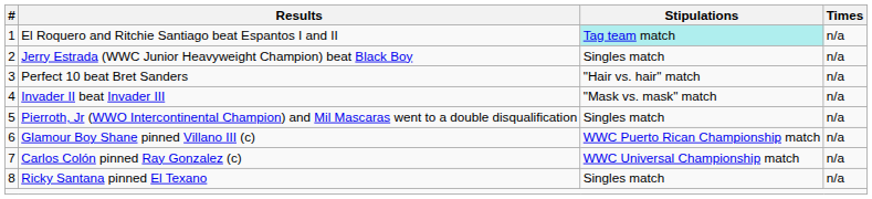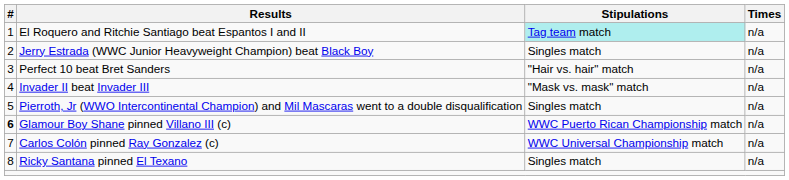 <table style="font-size: 85%" class="wikitable sortable">
 <tr>
 <th><strong>#</strong></th>
 <th><strong>Results</strong></th>
 <th><strong>Stipulations</strong></th>
 <th><strong>Times</strong></th>
 </tr>
 <tr>
 <td>1</td>
 <td>El Roquero and Ritchie Santiago beat Espantos I and II</td>
 <td style="background: paleturquoise;"><a href='#'>Tag team</a> match</td>
 <td>n/a</td>
 </tr>
 <tr>
 <td>2</td>
 <td><a href='#'>Jerry Estrada</a> (WWC Junior Heavyweight Champion) beat <a href='#'>Black Boy</a></td>
 <td>Singles match</td>
 <td>n/a</td>
 </tr>
 <tr>
 <td>3</td>
 <td>Perfect 10 beat Bret Sanders</td>
 <td>"Hair vs. hair" match</td>
 <td>n/a</td>
 </tr>
 <tr>
 <td>4</td>
 <td><a href='#'>Invader II</a> beat <a href='#'>Invader III</a></td>
 <td>"Mask vs. mask" match</td>
 <td>n/a</td>
 </tr>
 <tr>
 <td>5</td>
 <td><a href='#'>Pierroth, Jr</a> (<a href='#'>WWO Intercontinental Champion</a>) and <a href='#'>Mil Mascaras</a> went to a double disqualification</td>
 <td>Singles match</td>
 <td>n/a</td>
 </tr>
 <tr>
-<td>6</td>
+<td><strong>6</strong></td>
 <td><a href='#'>Glamour Boy Shane</a> pinned <a href='#'>Villano III</a> (c)</td>
 <td><a href='#'>WWC Puerto Rican Championship</a> match</td>
 <td>n/a</td>
 </tr>
 <tr>
 <td>7</td>
 <td><a href='#'>Carlos Colón</a> pinned <a href='#'>Ray Gonzalez</a> (c)</td>
 <td><a href='#'>WWC Universal Championship</a> match</td>
 <td>n/a</td>
 </tr>
 <tr>
 <td>8</td>
 <td><a href='#'>Ricky Santana</a> pinned <a href='#'>El Texano</a></td>
 <td>Singles match</td>
 <td>n/a</td>
 </tr>
 <tr>
 <td colspan=4></td>
 </tr>
 </table>
